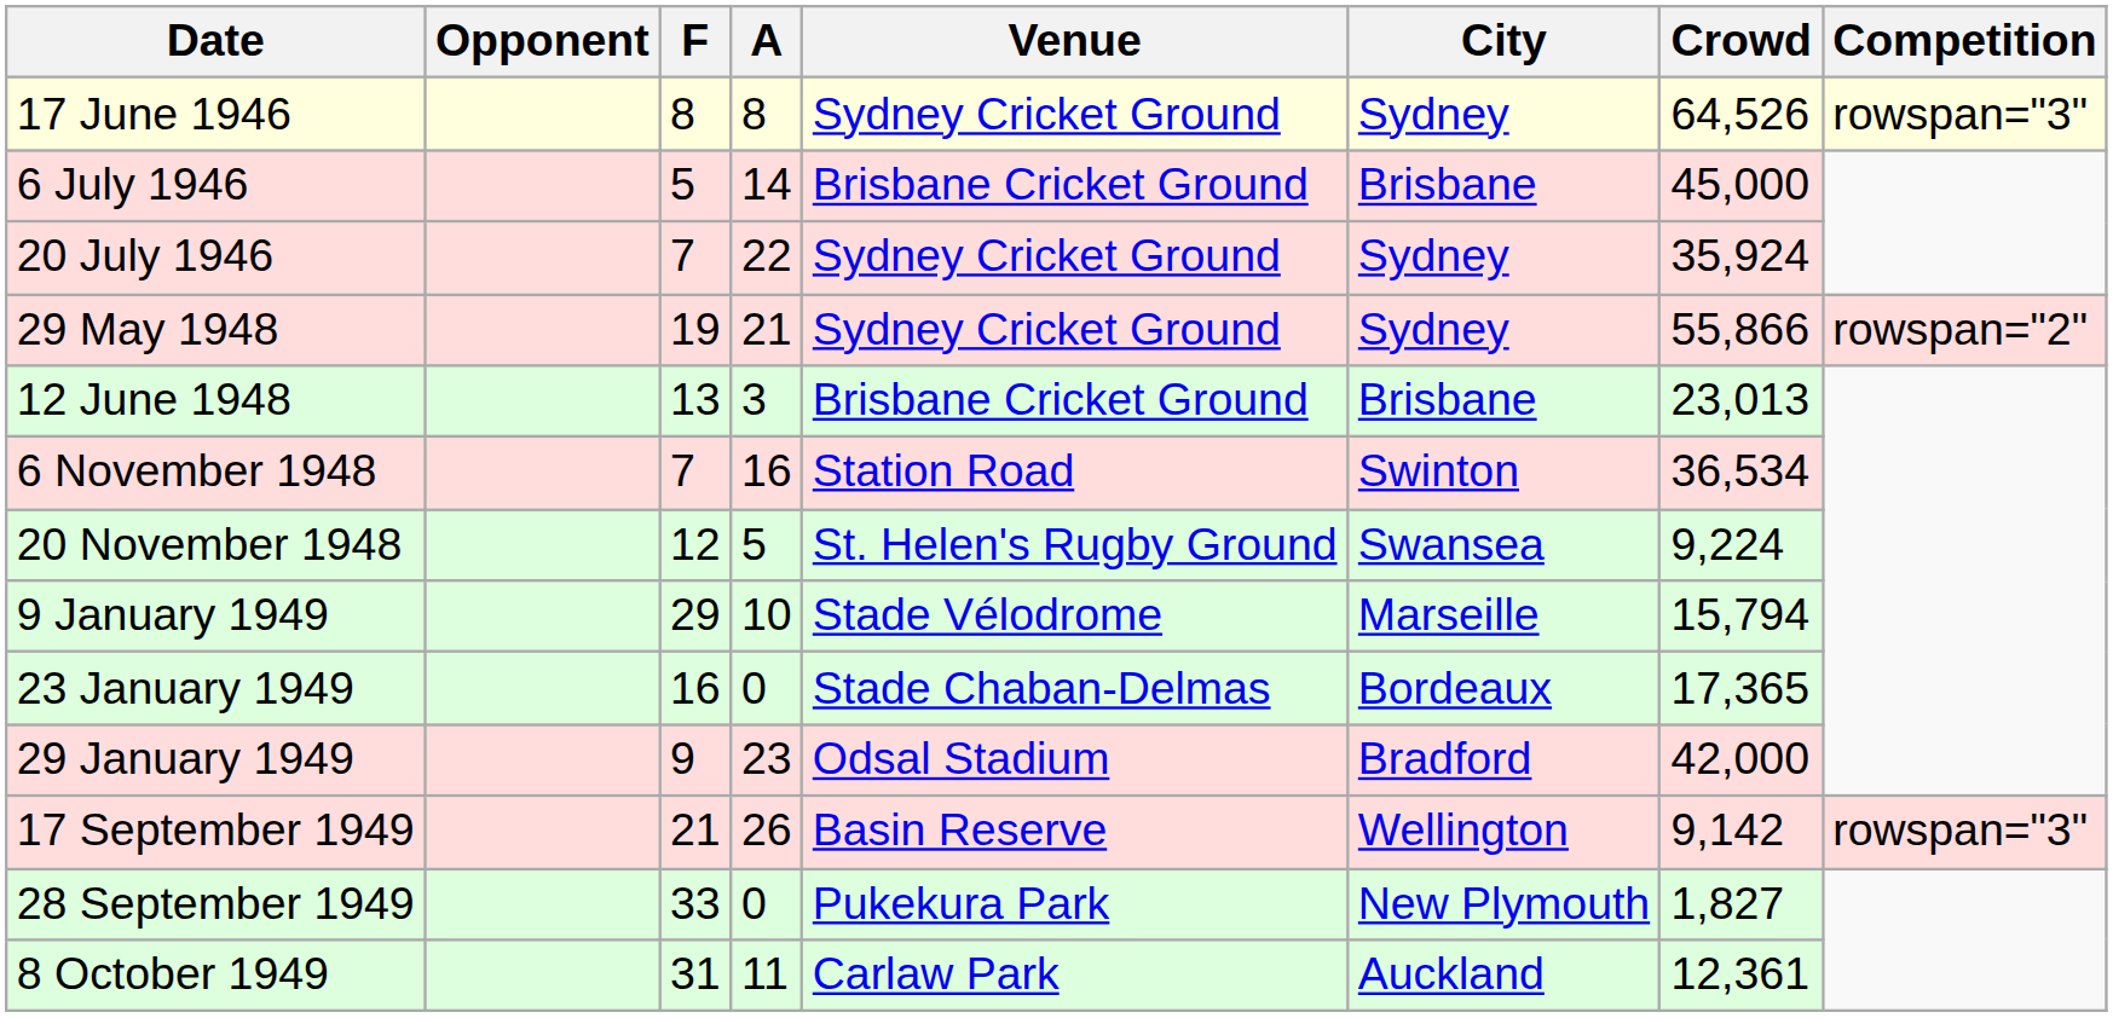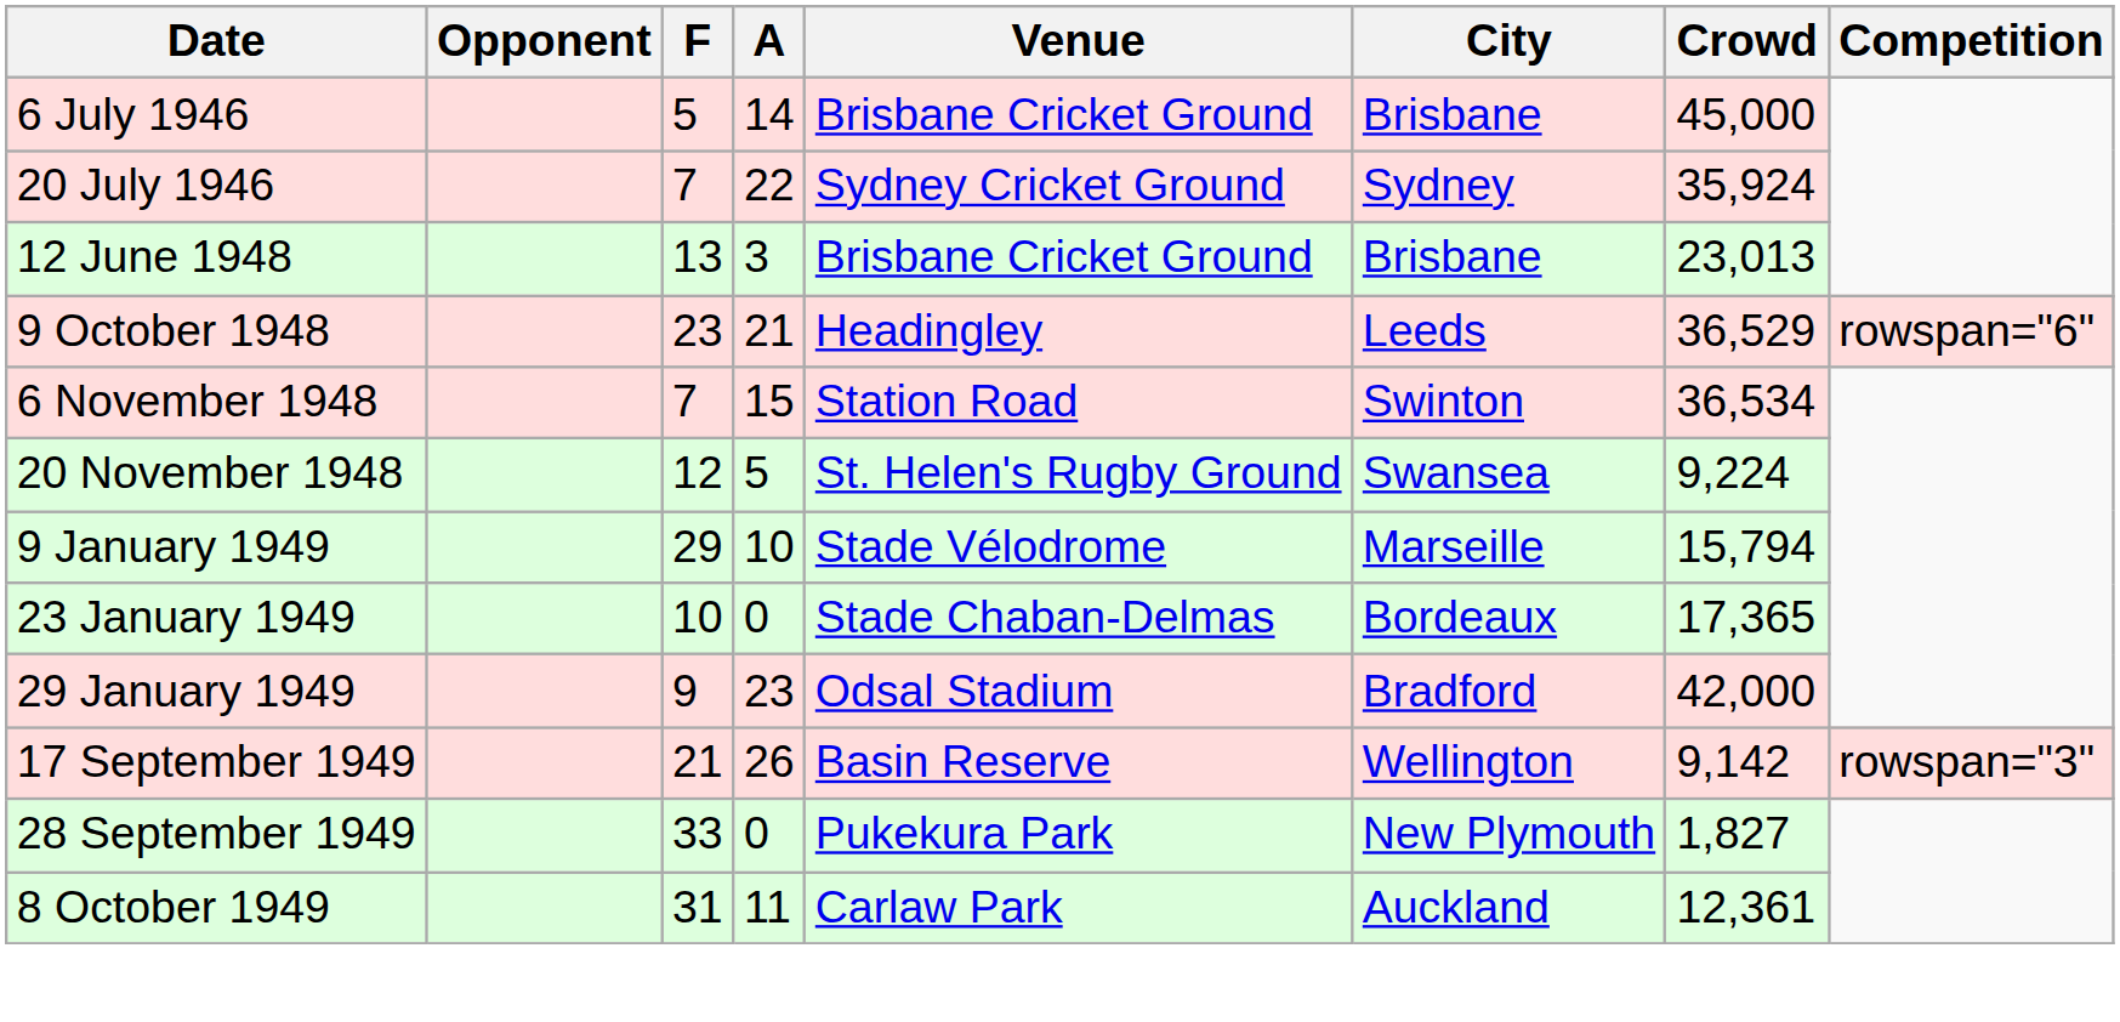 <table class="wikitable sortable">
 <tr>
 <th>Date</th>
 <th>Opponent</th>
 <th>F</th>
 <th>A</th>
 <th>Venue</th>
 <th>City</th>
 <th>Crowd</th>
 <th>Competition</th>
-</tr>
-<tr style="background:#ffffdd;">
-<td>17 June 1946</td>
-<td></td>
-<td>8</td>
-<td>8</td>
-<td><a href='#'>Sydney Cricket Ground</a></td>
-<td><a href='#'>Sydney</a></td>
-<td>64,526</td>
-<td>rowspan="3"</td>
 </tr>
 <tr style="background:#ffdddd;">
 <td>6 July 1946</td>
 <td></td>
 <td>5</td>
 <td>14</td>
 <td><a href='#'>Brisbane Cricket Ground</a></td>
 <td><a href='#'>Brisbane</a></td>
 <td>45,000</td>
 </tr>
 <tr style="background:#ffdddd;">
 <td>20 July 1946</td>
 <td></td>
 <td>7</td>
 <td>22</td>
 <td><a href='#'>Sydney Cricket Ground</a></td>
 <td><a href='#'>Sydney</a></td>
 <td>35,924</td>
 </tr>
-<tr style="background:#ffdddd;">
-<td>29 May 1948</td>
-<td></td>
-<td>19</td>
-<td>21</td>
-<td><a href='#'>Sydney Cricket Ground</a></td>
-<td><a href='#'>Sydney</a></td>
-<td>55,866</td>
-<td>rowspan="2"</td>
-</tr>
 <tr style="background:#ddffdd;">
 <td>12 June 1948</td>
 <td></td>
 <td>13</td>
 <td>3</td>
 <td><a href='#'>Brisbane Cricket Ground</a></td>
 <td><a href='#'>Brisbane</a></td>
 <td>23,013</td>
 </tr>
 <tr style="background:#ffdddd;">
+<td>9 October 1948</td>
+<td></td>
+<td>23</td>
+<td>21</td>
+<td><a href='#'>Headingley</a></td>
+<td><a href='#'>Leeds</a></td>
+<td>36,529</td>
+<td>rowspan="6"</td>
+</tr>
+<tr style="background:#ffdddd;">
 <td>6 November 1948</td>
 <td></td>
 <td>7</td>
-<td>16</td>
+<td>15</td>
 <td><a href='#'>Station Road</a></td>
 <td><a href='#'>Swinton</a></td>
 <td>36,534</td>
 </tr>
 <tr style="background:#ddffdd;">
 <td>20 November 1948</td>
 <td></td>
 <td>12</td>
 <td>5</td>
 <td><a href='#'>St. Helen's Rugby Ground</a></td>
 <td><a href='#'>Swansea</a></td>
 <td>9,224</td>
 </tr>
 <tr style="background:#ddffdd;">
 <td>9 January 1949</td>
 <td></td>
 <td>29</td>
 <td>10</td>
 <td><a href='#'>Stade Vélodrome</a></td>
 <td><a href='#'>Marseille</a></td>
 <td>15,794</td>
 </tr>
 <tr style="background:#ddffdd;">
 <td>23 January 1949</td>
 <td></td>
-<td>16</td>
+<td>10</td>
 <td>0</td>
 <td><a href='#'>Stade Chaban-Delmas</a></td>
 <td><a href='#'>Bordeaux</a></td>
 <td>17,365</td>
 </tr>
 <tr style="background:#ffdddd;">
 <td>29 January 1949</td>
 <td></td>
 <td>9</td>
 <td>23</td>
 <td><a href='#'>Odsal Stadium</a></td>
 <td><a href='#'>Bradford</a></td>
 <td>42,000</td>
 </tr>
 <tr style="background:#ffdddd;">
 <td>17 September 1949</td>
 <td></td>
 <td>21</td>
 <td>26</td>
 <td><a href='#'>Basin Reserve</a></td>
 <td><a href='#'>Wellington</a></td>
 <td>9,142</td>
 <td>rowspan="3"</td>
 </tr>
 <tr style="background:#ddffdd;">
 <td>28 September 1949</td>
 <td></td>
 <td>33</td>
 <td>0</td>
 <td><a href='#'>Pukekura Park</a></td>
 <td><a href='#'>New Plymouth</a></td>
 <td>1,827</td>
 </tr>
 <tr style="background:#ddffdd;">
 <td>8 October 1949</td>
 <td></td>
 <td>31</td>
 <td>11</td>
 <td><a href='#'>Carlaw Park</a></td>
 <td><a href='#'>Auckland</a></td>
 <td>12,361</td>
 </tr>
 </table>
